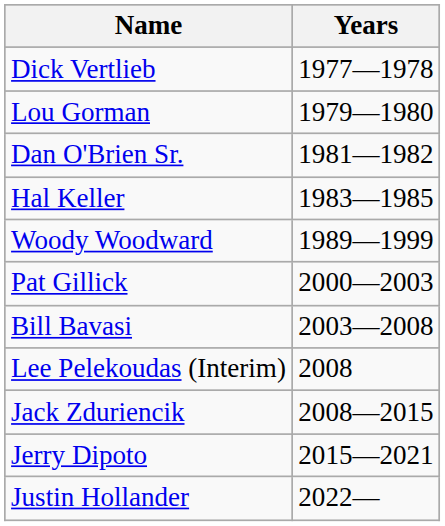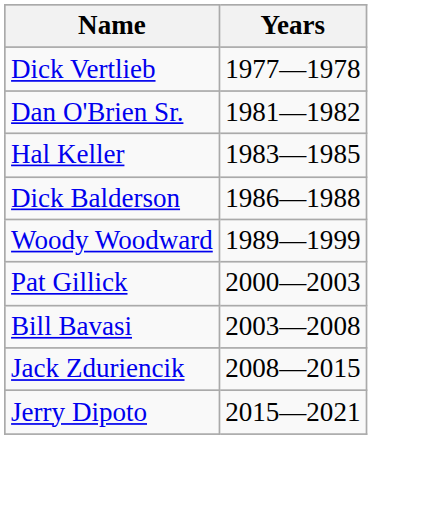 <table class="wikitable">
 <tr>
 <th>Name</th>
 <th>Years</th>
 </tr>
 <tr>
 <td><a href='#'>Dick Vertlieb</a></td>
 <td>1977—1978</td>
 </tr>
 <tr>
-<td><a href='#'>Lou Gorman</a></td>
-<td>1979—1980</td>
-</tr>
-<tr>
 <td><a href='#'>Dan O'Brien Sr.</a></td>
 <td>1981—1982</td>
 </tr>
 <tr>
 <td><a href='#'>Hal Keller</a></td>
 <td>1983—1985</td>
+</tr>
+<tr>
+<td><a href='#'>Dick Balderson</a></td>
+<td>1986—1988</td>
 </tr>
 <tr>
 <td><a href='#'>Woody Woodward</a></td>
 <td>1989—1999</td>
 </tr>
 <tr>
 <td><a href='#'>Pat Gillick</a></td>
 <td>2000—2003</td>
 </tr>
 <tr>
 <td><a href='#'>Bill Bavasi</a></td>
 <td>2003—2008</td>
 </tr>
 <tr>
-<td><a href='#'>Lee Pelekoudas</a> (Interim)</td>
-<td>2008</td>
-</tr>
-<tr>
 <td><a href='#'>Jack Zduriencik</a></td>
 <td>2008—2015</td>
 </tr>
 <tr>
 <td><a href='#'>Jerry Dipoto</a></td>
 <td>2015—2021</td>
 </tr>
-<tr>
-<td><a href='#'>Justin Hollander</a></td>
-<td>2022—</td>
-</tr>
 </table>
